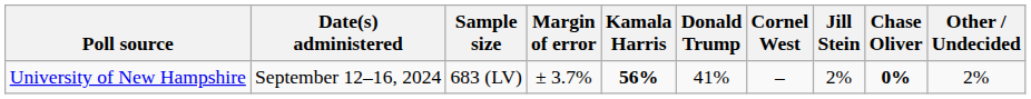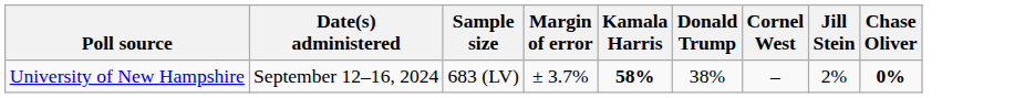 <table class="wikitable sortable mw-datatable" style="font-size:90%;text-align:center;line-height:17px">
 <tr valign=bottom>
 <th>Poll source</th>
 <th>Date(s)<br>administered</th>
 <th>Sample<br>size</th>
 <th>Margin<br>of error</th>
 <th class="unsortable">Kamala<br>Harris<br></th>
 <th class="unsortable">Donald<br>Trump<br></th>
 <th class="unsortable">Cornel<br>West<br></th>
 <th class="unsortable">Jill<br>Stein<br></th>
 <th class="unsortable">Chase<br>Oliver<br></th>
-<th class="unsortable">Other /<br>Undecided</th>
 </tr>
 <tr>
 <td style="text-align:left;"><a href='#'>University of New Hampshire</a></td>
 <td data-sort-value="2024-09-16">September 12–16, 2024</td>
 <td>683 (LV)</td>
 <td>± 3.7%</td>
-<td style="color:black;background-color:"><strong>56%</strong></td>
-<td>41%</td>
+<td style="color:black;background-color:"><strong>58%</strong></td>
+<td>38%</td>
 <td>–</td>
 <td>2%</td>
 <td><strong>0%</strong></td>
-<td>2%</td>
 </tr>
 </table>
